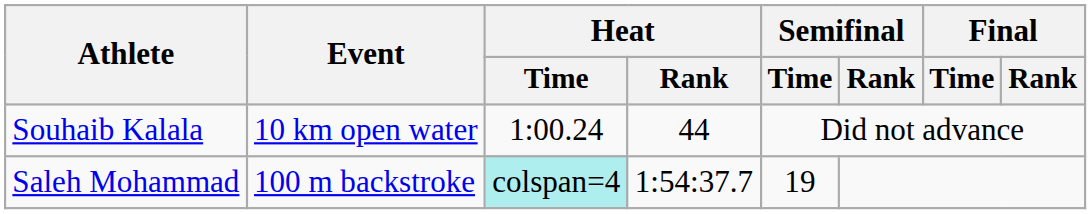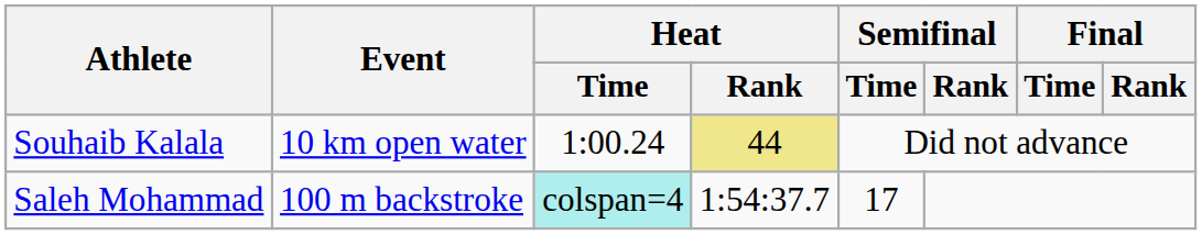 <table class=wikitable style="font-size:90%">
 <tr>
 <th rowspan="2">Athlete</th>
 <th rowspan="2">Event</th>
 <th colspan="2">Heat</th>
 <th colspan="2">Semifinal</th>
 <th colspan="2">Final</th>
 </tr>
 <tr style="font-size:95%">
 <th>Time</th>
 <th>Rank</th>
 <th>Time</th>
 <th>Rank</th>
 <th>Time</th>
 <th>Rank</th>
 </tr>
 <tr align=center>
 <td align=left><a href='#'>Souhaib Kalala</a></td>
 <td align=left><a href='#'>10 km open water</a></td>
 <td>1:00.24</td>
-<td>44</td>
+<td style="background: khaki;">44</td>
 <td colspan=4>Did not advance</td>
 </tr>
 <tr align=center>
 <td align=left><a href='#'>Saleh Mohammad</a></td>
 <td align=left><a href='#'>100 m backstroke</a></td>
 <td style="background: paleturquoise;">colspan=4 </td>
 <td>1:54:37.7</td>
-<td>19</td>
+<td>17</td>
 </tr>
 </table>
